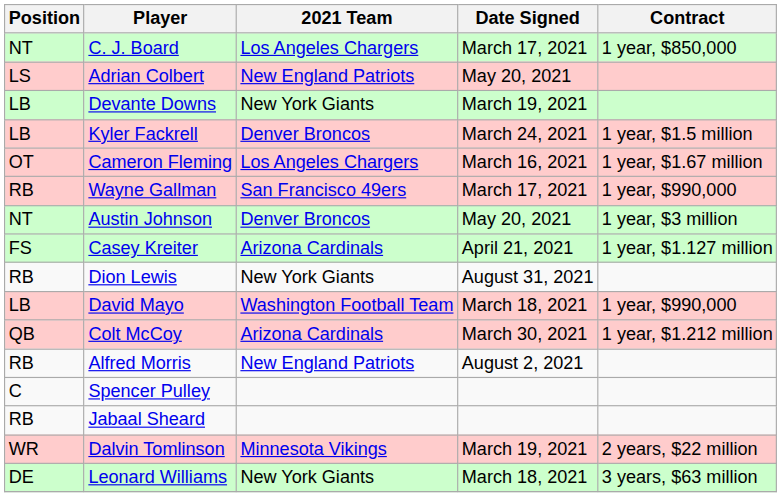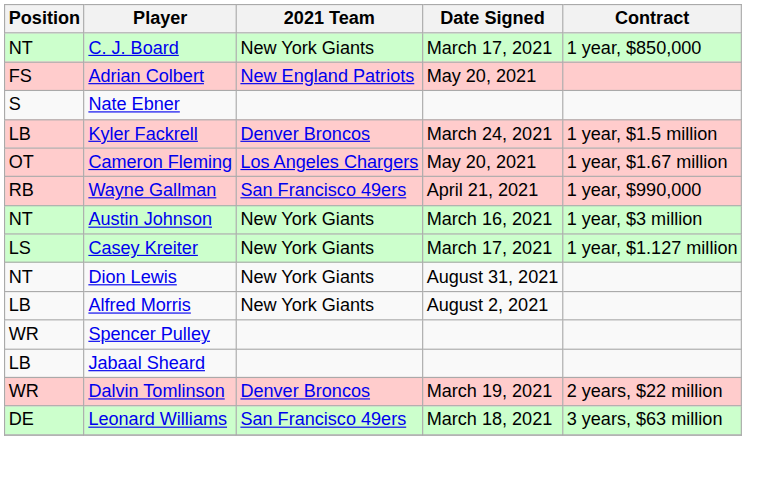 <table class="wikitable">
 <tr>
 <th>Position</th>
 <th>Player</th>
 <th>2021 Team</th>
 <th>Date Signed</th>
 <th>Contract</th>
 </tr>
 <tr bgcolor="#ccffcc">
 <td>NT</td>
 <td><a href='#'>C. J. Board</a></td>
-<td><a href='#'>Los Angeles Chargers</a></td>
+<td>New York Giants</td>
 <td>March 17, 2021</td>
 <td>1 year, $850,000</td>
 </tr>
 <tr bgcolor="#ffcccc">
-<td>LS</td>
+<td>FS</td>
 <td><a href='#'>Adrian Colbert</a></td>
 <td><a href='#'>New England Patriots</a></td>
 <td>May 20, 2021</td>
 <td></td>
 </tr>
-<tr bgcolor="#ccffcc">
-<td>LB</td>
-<td><a href='#'>Devante Downs</a></td>
-<td>New York Giants</td>
-<td>March 19, 2021</td>
+<tr>
+<td>S</td>
+<td><a href='#'>Nate Ebner</a></td>
+<td></td>
+<td></td>
 <td></td>
 </tr>
 <tr bgcolor="#ffcccc">
 <td>LB</td>
 <td><a href='#'>Kyler Fackrell</a></td>
 <td><a href='#'>Denver Broncos</a></td>
 <td>March 24, 2021</td>
 <td>1 year, $1.5 million</td>
 </tr>
 <tr bgcolor="#ffcccc">
 <td>OT</td>
 <td><a href='#'>Cameron Fleming</a></td>
 <td><a href='#'>Los Angeles Chargers</a></td>
-<td>March 16, 2021</td>
+<td>May 20, 2021</td>
 <td>1 year, $1.67 million</td>
 </tr>
 <tr bgcolor="#ffcccc">
 <td>RB</td>
 <td><a href='#'>Wayne Gallman</a></td>
 <td><a href='#'>San Francisco 49ers</a></td>
-<td>March 17, 2021</td>
+<td>April 21, 2021</td>
 <td>1 year, $990,000</td>
 </tr>
 <tr bgcolor="#ccffcc">
 <td>NT</td>
 <td><a href='#'>Austin Johnson</a></td>
-<td><a href='#'>Denver Broncos</a></td>
-<td>May 20, 2021</td>
+<td>New York Giants</td>
+<td>March 16, 2021</td>
 <td>1 year, $3 million</td>
 </tr>
 <tr bgcolor="#ccffcc">
-<td>FS</td>
+<td>LS</td>
 <td><a href='#'>Casey Kreiter</a></td>
-<td><a href='#'>Arizona Cardinals</a></td>
-<td>April 21, 2021</td>
+<td>New York Giants</td>
+<td>March 17, 2021</td>
 <td>1 year, $1.127 million</td>
 </tr>
 <tr>
-<td>RB</td>
+<td>NT</td>
 <td><a href='#'>Dion Lewis</a></td>
 <td>New York Giants</td>
 <td>August 31, 2021</td>
 <td></td>
 </tr>
-<tr bgcolor="#ffcccc">
+<tr>
 <td>LB</td>
-<td><a href='#'>David Mayo</a></td>
-<td><a href='#'>Washington Football Team</a></td>
-<td>March 18, 2021</td>
-<td>1 year, $990,000</td>
-</tr>
-<tr bgcolor="#ffcccc">
-<td>QB</td>
-<td><a href='#'>Colt McCoy</a></td>
-<td><a href='#'>Arizona Cardinals</a></td>
-<td>March 30, 2021</td>
-<td>1 year, $1.212 million</td>
-</tr>
-<tr>
-<td>RB</td>
 <td><a href='#'>Alfred Morris</a></td>
-<td><a href='#'>New England Patriots</a></td>
+<td>New York Giants</td>
 <td>August 2, 2021</td>
 <td></td>
 </tr>
 <tr>
-<td>C</td>
+<td>WR</td>
 <td><a href='#'>Spencer Pulley</a></td>
 <td></td>
 <td></td>
 <td></td>
 </tr>
 <tr>
-<td>RB</td>
+<td>LB</td>
 <td><a href='#'>Jabaal Sheard</a></td>
 <td></td>
 <td></td>
 <td></td>
 </tr>
 <tr bgcolor="#ffcccc">
 <td>WR</td>
 <td><a href='#'>Dalvin Tomlinson</a></td>
-<td><a href='#'>Minnesota Vikings</a></td>
+<td><a href='#'>Denver Broncos</a></td>
 <td>March 19, 2021</td>
 <td>2 years, $22 million</td>
 </tr>
 <tr bgcolor="#ccffcc">
 <td>DE</td>
 <td><a href='#'>Leonard Williams</a></td>
-<td>New York Giants</td>
+<td><a href='#'>San Francisco 49ers</a></td>
 <td>March 18, 2021</td>
 <td>3 years, $63 million</td>
 </tr>
 <tr>
 </tr>
 </table>
